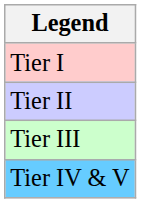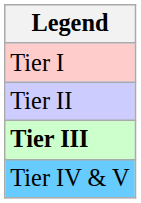 <table class="wikitable">
 <tr>
 <th>Legend</th>
 </tr>
 <tr style="background:#ffcccc">
 <td>Tier I</td>
 </tr>
 <tr style="background:#ccccff">
 <td>Tier II</td>
 </tr>
 <tr style="background:#ccffcc;">
-<td>Tier III</td>
+<td><strong>Tier III</strong></td>
 </tr>
 <tr style="background:#66CCFF">
 <td>Tier IV & V</td>
 </tr>
 </table>
